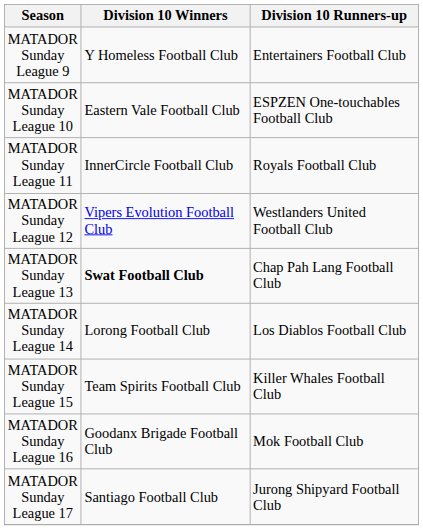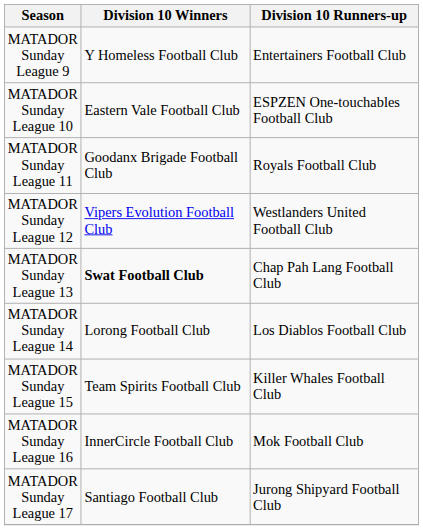 <table class="wikitable" style="text-align:center">
 <tr>
 <th width='25'>Season</th>
 <th width='180'>Division 10 Winners</th>
 <th width='180'>Division 10 Runners-up</th>
 </tr>
 <tr>
 <td>MATADOR Sunday League 9</td>
 <td align='left'>Y Homeless Football Club</td>
 <td align='left'>Entertainers Football Club</td>
 </tr>
 <tr>
 <td>MATADOR Sunday League 10</td>
 <td align='left'>Eastern Vale Football Club</td>
 <td align='left'>ESPZEN One-touchables Football Club</td>
 </tr>
 <tr>
 <td>MATADOR Sunday League 11</td>
-<td align='left'>InnerCircle Football Club</td>
+<td align='left'>Goodanx Brigade Football Club</td>
 <td align='left'>Royals Football Club</td>
 </tr>
 <tr>
 <td>MATADOR Sunday League 12</td>
 <td align='left'><a href='#'>Vipers Evolution Football Club</a></td>
 <td align='left'>Westlanders United Football Club</td>
 </tr>
 <tr>
 <td>MATADOR Sunday League 13</td>
 <td align='left'><strong>Swat Football Club</strong></td>
 <td align='left'>Chap Pah Lang Football Club</td>
 </tr>
 <tr>
 <td>MATADOR Sunday League 14</td>
 <td align='left'>Lorong Football Club</td>
 <td align='left'>Los Diablos Football Club</td>
 </tr>
 <tr>
 <td>MATADOR Sunday League 15</td>
 <td align='left'>Team Spirits Football Club</td>
 <td align='left'>Killer Whales Football Club</td>
 </tr>
 <tr>
 <td>MATADOR Sunday League 16</td>
-<td align='left'>Goodanx Brigade Football Club</td>
+<td align='left'>InnerCircle Football Club</td>
 <td align='left'>Mok Football Club</td>
 </tr>
 <tr>
 <td>MATADOR Sunday League 17</td>
 <td align='left'>Santiago Football Club</td>
 <td align='left'>Jurong Shipyard Football Club</td>
 </tr>
 <tr>
 </tr>
 </table>
